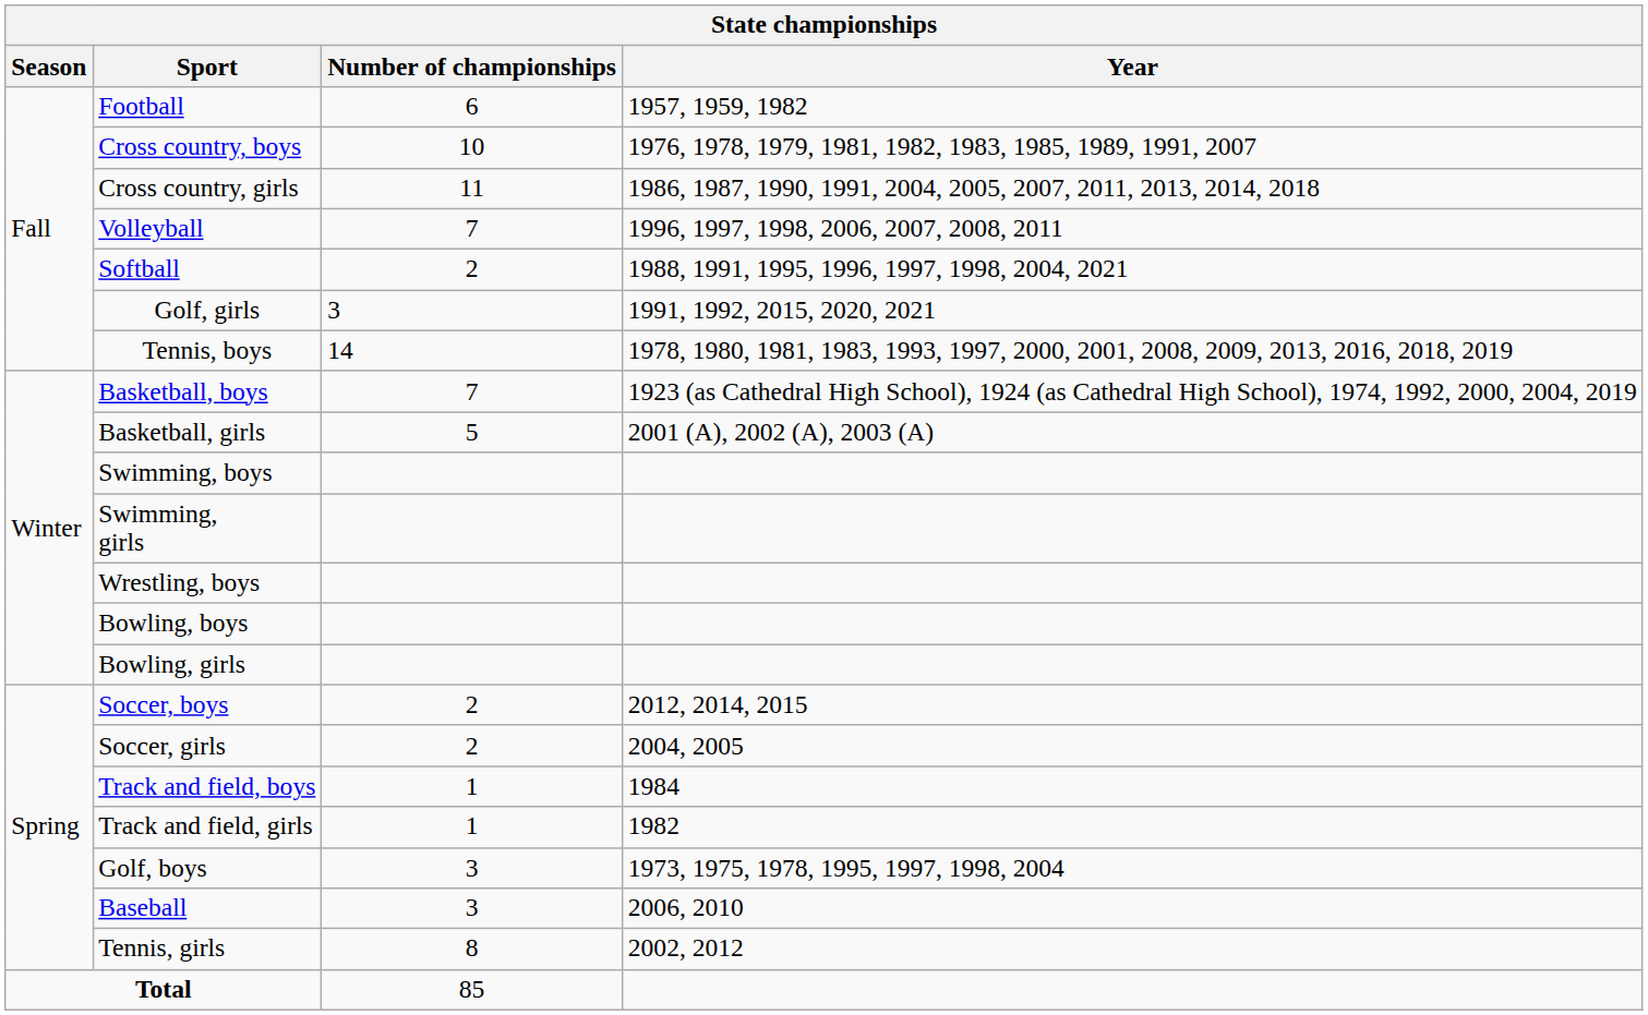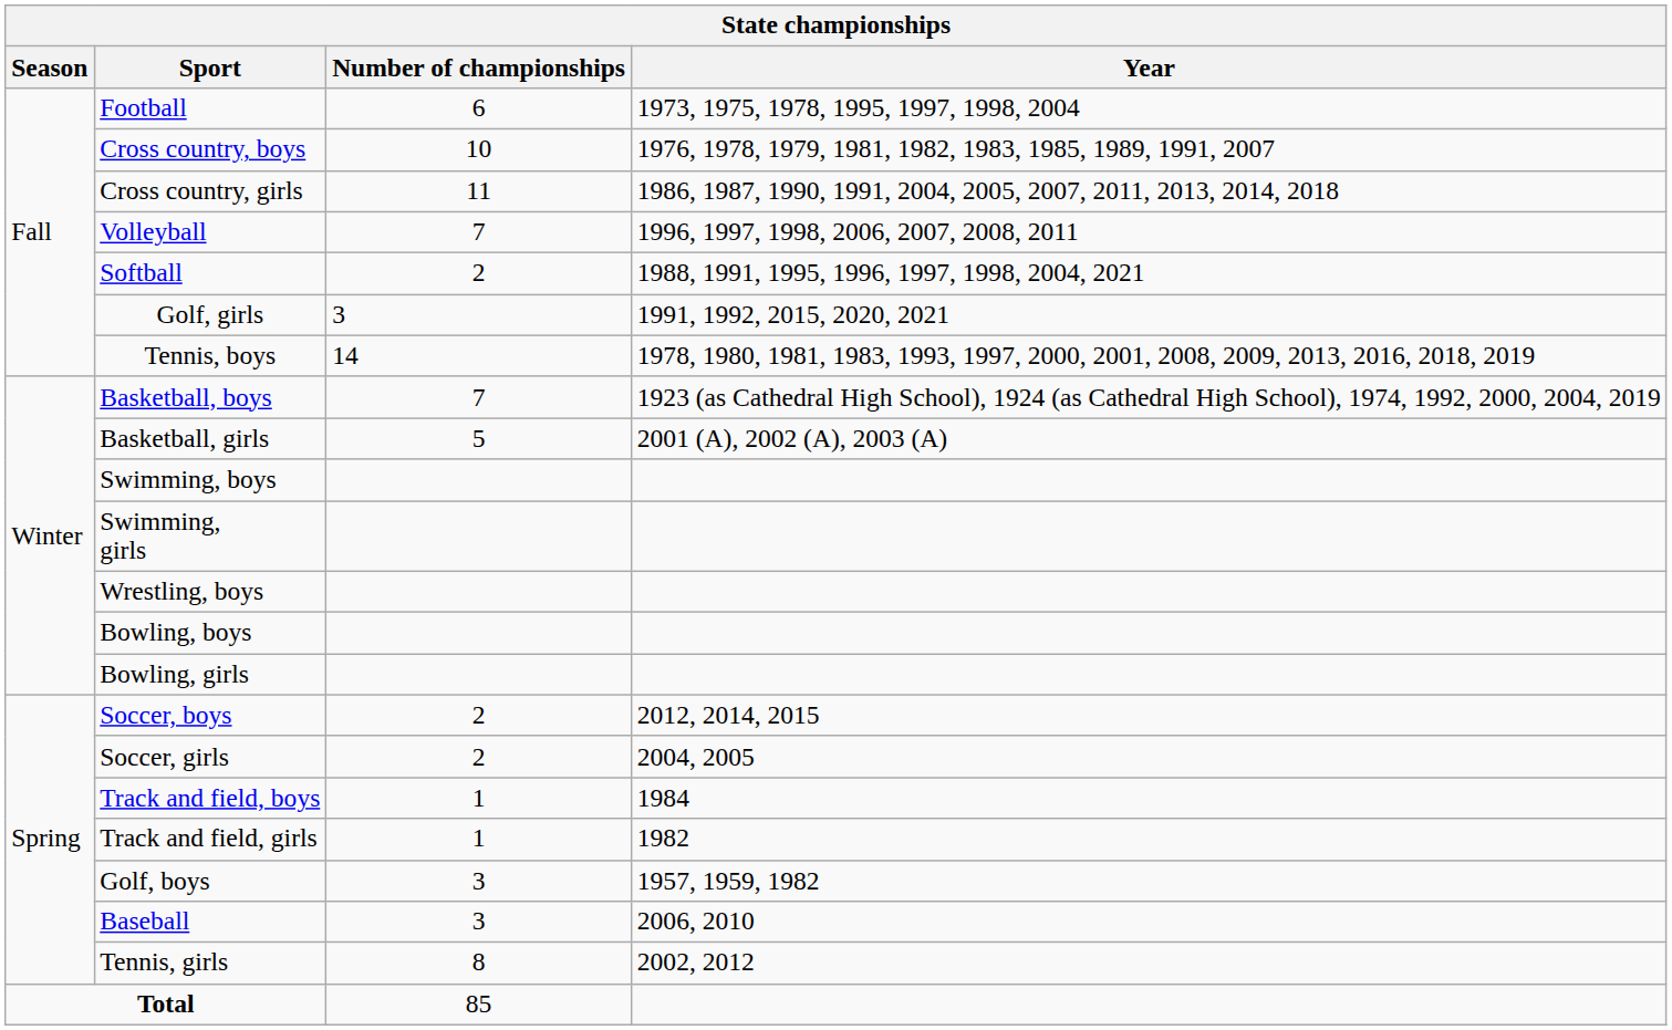 <table class="wikitable">
 <tr>
 <th colspan="4">State championships</th>
 </tr>
 <tr>
 <th>Season</th>
 <th>Sport</th>
 <th>Number of championships</th>
 <th>Year</th>
 </tr>
 <tr>
 <td rowspan="7">Fall</td>
 <td><a href='#'>Football</a></td>
 <td align="center">6</td>
-<td>1957, 1959, 1982</td>
+<td>1973, 1975, 1978, 1995, 1997, 1998, 2004</td>
 </tr>
 <tr>
 <td><a href='#'>Cross country, boys</a></td>
 <td align="center">10</td>
 <td>1976, 1978, 1979, 1981, 1982, 1983, 1985, 1989, 1991, 2007</td>
 </tr>
 <tr>
 <td>Cross country, girls</td>
 <td align="center">11</td>
 <td>1986, 1987, 1990, 1991, 2004, 2005, 2007, 2011, 2013, 2014, 2018</td>
 </tr>
 <tr>
 <td><a href='#'>Volleyball</a></td>
 <td align="center">7</td>
 <td>1996, 1997, 1998, 2006, 2007, 2008, 2011</td>
 </tr>
 <tr>
 <td><a href='#'>Softball</a></td>
 <td align="center">2</td>
 <td>1988, 1991, 1995, 1996, 1997, 1998, 2004, 2021</td>
 </tr>
 <tr>
 <td align="center">Golf, girls</td>
 <td>3</td>
 <td>1991, 1992, 2015, 2020, 2021</td>
 </tr>
 <tr>
 <td align="center">Tennis, boys</td>
 <td>14</td>
 <td>1978, 1980, 1981, 1983, 1993, 1997, 2000, 2001, 2008, 2009, 2013, 2016, 2018, 2019</td>
 </tr>
 <tr>
 <td rowspan="7">Winter</td>
 <td><a href='#'>Basketball, boys</a></td>
 <td align="center">7</td>
 <td>1923 (as Cathedral High School), 1924 (as Cathedral High School), 1974, 1992,  2000, 2004, 2019</td>
 </tr>
 <tr>
 <td>Basketball, girls</td>
 <td align="center">5</td>
 <td>2001 (A), 2002 (A), 2003 (A)</td>
 </tr>
 <tr>
 <td>Swimming, boys</td>
 <td></td>
 <td></td>
 </tr>
 <tr>
 <td>Swimming,<br>girls</td>
 <td></td>
 <td></td>
 </tr>
 <tr>
 <td>Wrestling, boys</td>
 <td></td>
 <td></td>
 </tr>
 <tr>
 <td>Bowling, boys</td>
 <td></td>
 <td></td>
 </tr>
 <tr>
 <td>Bowling, girls</td>
 <td></td>
 <td></td>
 </tr>
 <tr>
 <td rowspan="7">Spring</td>
 <td><a href='#'>Soccer, boys</a></td>
 <td align="center">2</td>
 <td>2012, 2014, 2015</td>
 </tr>
 <tr>
 <td>Soccer, girls</td>
 <td align="center">2</td>
 <td>2004, 2005</td>
 </tr>
 <tr>
 <td><a href='#'>Track and field, boys</a></td>
 <td align="center">1</td>
 <td>1984</td>
 </tr>
 <tr>
 <td>Track and field, girls</td>
 <td align="center">1</td>
 <td>1982</td>
 </tr>
 <tr>
 <td>Golf, boys</td>
 <td align="center">3</td>
-<td>1973, 1975, 1978, 1995, 1997, 1998, 2004</td>
+<td>1957, 1959, 1982</td>
 </tr>
 <tr>
 <td><a href='#'>Baseball</a></td>
 <td align="center">3</td>
 <td>2006, 2010</td>
 </tr>
 <tr>
 <td>Tennis, girls</td>
 <td align="center">8</td>
 <td>2002, 2012</td>
 </tr>
 <tr>
 <td align="center" colspan="2"><strong>Total</strong></td>
 <td align="center">85</td>
 <td></td>
 </tr>
 <tr>
 </tr>
 </table>
